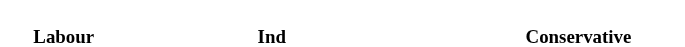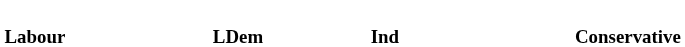 <table style="width:60%; text-align:center">
 <tr style="color:white;">
 <td style="background:"><strong>17</strong></td>
+<td style="background:"><strong>5</strong></td>
 <td style="background:"><strong>4</strong></td>
 <td style="background:"><strong>12</strong></td>
 </tr>
 <tr>
 <td><span><strong>Labour</strong></span></td>
+<td><span><strong>LDem</strong></span></td>
 <td><span><strong>Ind</strong></span></td>
 <td><span><strong>Conservative</strong></span></td>
 </tr>
 </table>
